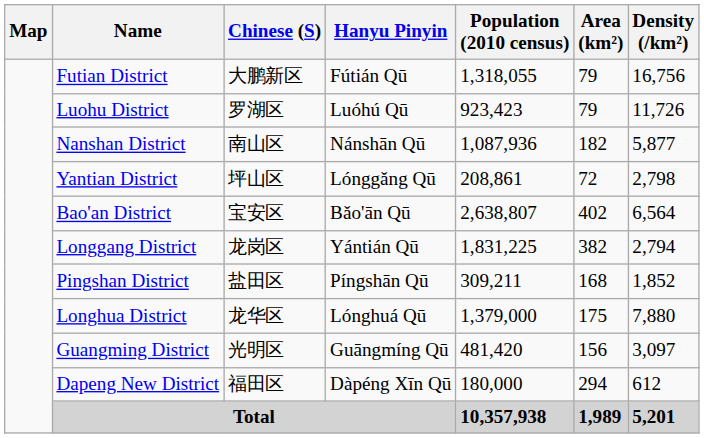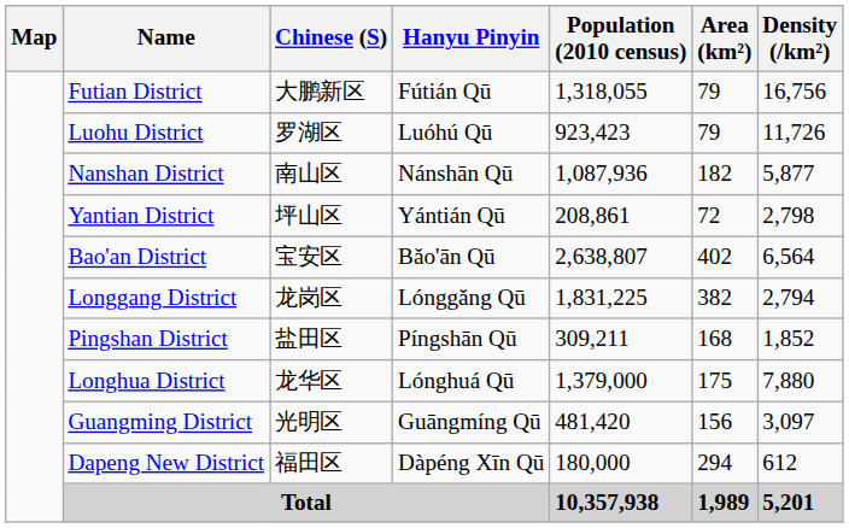 <table class="wikitable"  style="font-size:90%;">
 <tr>
 <th>Map</th>
 <th>Name</th>
 <th><a href='#'>Chinese</a> (<a href='#'>S</a>)</th>
 <th><a href='#'>Hanyu Pinyin</a></th>
 <th>Population<br>(2010 census)</th>
 <th>Area<br>(km²)</th>
 <th>Density<br>(/km²)</th>
 </tr>
 <tr>
 <td rowspan="11" align=center><div><br>             </div></td>
 <td><a href='#'>Futian District</a></td>
 <td>大鹏新区</td>
 <td>Fútián Qū</td>
 <td>1,318,055</td>
 <td>79</td>
 <td>16,756</td>
 </tr>
 <tr>
 <td><a href='#'>Luohu District</a></td>
 <td>罗湖区</td>
 <td>Luóhú Qū</td>
 <td>923,423</td>
 <td>79</td>
 <td>11,726</td>
 </tr>
 <tr>
 <td><a href='#'>Nanshan District</a></td>
 <td>南山区</td>
 <td>Nánshān Qū</td>
 <td>1,087,936</td>
 <td>182</td>
 <td>5,877</td>
 </tr>
 <tr>
 <td><a href='#'>Yantian District</a></td>
 <td>坪山区</td>
-<td>Lónggǎng Qū</td>
+<td>Yántián Qū</td>
 <td>208,861</td>
 <td>72</td>
 <td>2,798</td>
 </tr>
 <tr>
 <td><a href='#'>Bao'an District</a></td>
 <td>宝安区</td>
 <td>Bǎo'ān Qū</td>
 <td>2,638,807</td>
 <td>402</td>
 <td>6,564</td>
 </tr>
 <tr>
 <td><a href='#'>Longgang District</a></td>
 <td>龙岗区</td>
-<td>Yántián Qū</td>
+<td>Lónggǎng Qū</td>
 <td>1,831,225</td>
 <td>382</td>
 <td>2,794</td>
 </tr>
 <tr>
 <td><a href='#'>Pingshan District</a></td>
 <td>盐田区</td>
 <td>Píngshān Qū</td>
 <td>309,211</td>
 <td>168</td>
 <td>1,852</td>
 </tr>
 <tr>
 <td><a href='#'>Longhua District</a></td>
 <td>龙华区</td>
 <td>Lónghuá Qū</td>
 <td>1,379,000</td>
 <td>175</td>
 <td>7,880</td>
 </tr>
 <tr>
 <td><a href='#'>Guangming District</a></td>
 <td>光明区</td>
 <td>Guāngmíng Qū</td>
 <td>481,420</td>
 <td>156</td>
 <td>3,097</td>
 </tr>
 <tr>
 <td><a href='#'>Dapeng New District</a></td>
 <td>福田区</td>
 <td>Dàpéng Xīn Qū</td>
 <td>180,000</td>
 <td>294</td>
 <td>612</td>
 </tr>
 <tr style="background:#d3d3d3;">
 <td colspan="3"  style="text-align:center; "><strong>Total</strong></td>
 <td><strong>10,357,938</strong></td>
 <td><strong>1,989</strong></td>
 <td><strong>5,201</strong></td>
 </tr>
 </table>
